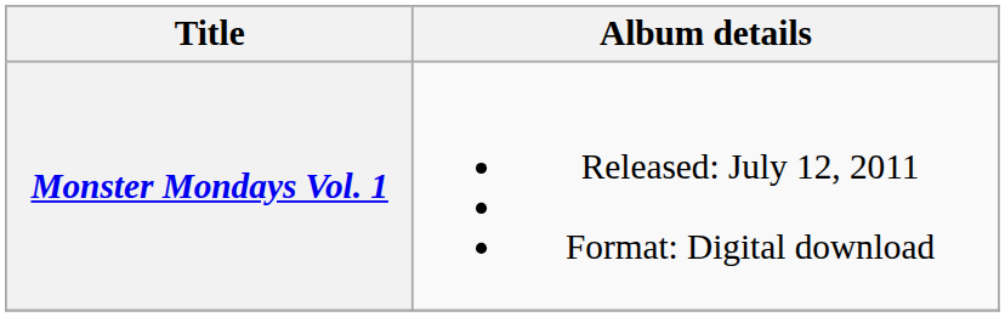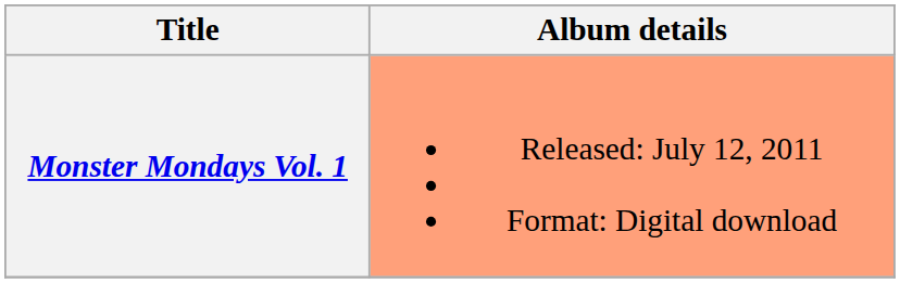 <table class="wikitable plainrowheaders" style="text-align:center;">
 <tr>
 <th scope="col" style="width:11em;">Title</th>
 <th scope="col" style="width:16em;">Album details</th>
 </tr>
 <tr>
 <th scope="row"><em><a href='#'>Monster Mondays Vol. 1</a></em></th>
-<td><br><ul><li>Released: July 12, 2011</li><li></li><li>Format: Digital download</li></ul></td>
+<td style="background: lightsalmon;"><br><ul><li>Released: July 12, 2011</li><li></li><li>Format: Digital download</li></ul></td>
 </tr>
 <tr>
 </tr>
 </table>
